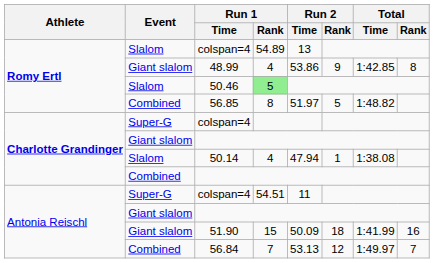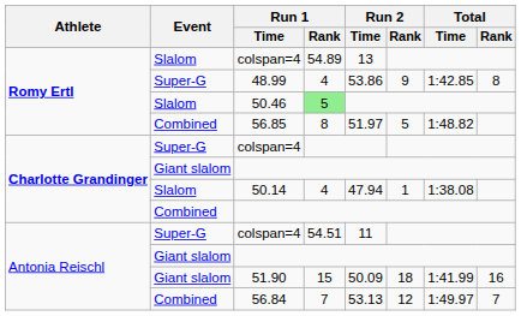 <table class="wikitable" style="font-size:90%">
 <tr>
 <th rowspan=2>Athlete</th>
 <th rowspan=2>Event</th>
 <th colspan=2>Run 1</th>
 <th colspan=2>Run 2</th>
 <th colspan=2>Total</th>
 </tr>
 <tr style="font-size:95%">
 <th>Time</th>
 <th>Rank</th>
 <th>Time</th>
 <th>Rank</th>
 <th>Time</th>
 <th>Rank</th>
 </tr>
 <tr align=center>
 <td align="left" rowspan="4"><strong><a href='#'>Romy Ertl</a></strong></td>
 <td align="left"><a href='#'>Slalom</a></td>
 <td>colspan=4</td>
 <td>54.89</td>
 <td>13</td>
 </tr>
 <tr align=center>
-<td align="left"><a href='#'>Giant slalom</a></td>
+<td align="left"><a href='#'>Super-G</a></td>
 <td>48.99</td>
 <td>4</td>
 <td>53.86</td>
 <td>9</td>
 <td>1:42.85</td>
 <td>8</td>
 </tr>
 <tr align=center>
 <td align="left"><a href='#'>Slalom</a></td>
 <td>50.46</td>
 <td style="background: lightgreen;">5</td>
 <td colspan=4></td>
 </tr>
 <tr align=center>
 <td align="left"><a href='#'>Combined</a></td>
 <td>56.85</td>
 <td>8</td>
 <td>51.97</td>
 <td>5</td>
 <td>1:48.82</td>
 <td></td>
 </tr>
 <tr align=center>
 <td align="left" rowspan="4"><strong><a href='#'>Charlotte Grandinger</a></strong></td>
 <td align="left"><a href='#'>Super-G</a></td>
 <td>colspan=4</td>
 <td colspan=2></td>
 </tr>
 <tr align=center>
 <td align="left"><a href='#'>Giant slalom</a></td>
 <td colspan=6></td>
 </tr>
 <tr align=center>
 <td align="left"><a href='#'>Slalom</a></td>
 <td>50.14</td>
 <td>4</td>
 <td>47.94</td>
 <td>1</td>
 <td>1:38.08</td>
 <td></td>
 </tr>
 <tr align=center>
 <td align="left"><a href='#'>Combined</a></td>
 <td colspan=6></td>
 </tr>
 <tr align=center>
 <td align="left" rowspan="4"><a href='#'>Antonia Reischl</a></td>
 <td align="left"><a href='#'>Super-G</a></td>
 <td>colspan=4</td>
 <td>54.51</td>
 <td>11</td>
 </tr>
 <tr align=center>
 <td align="left"><a href='#'>Giant slalom</a></td>
 <td colspan=6></td>
 </tr>
 <tr align=center>
 <td align="left"><a href='#'>Giant slalom</a></td>
 <td>51.90</td>
 <td>15</td>
 <td>50.09</td>
 <td>18</td>
 <td>1:41.99</td>
 <td>16</td>
 </tr>
 <tr align=center>
 <td align="left"><a href='#'>Combined</a></td>
 <td>56.84</td>
 <td>7</td>
 <td>53.13</td>
 <td>12</td>
 <td>1:49.97</td>
 <td>7</td>
 </tr>
 </table>
